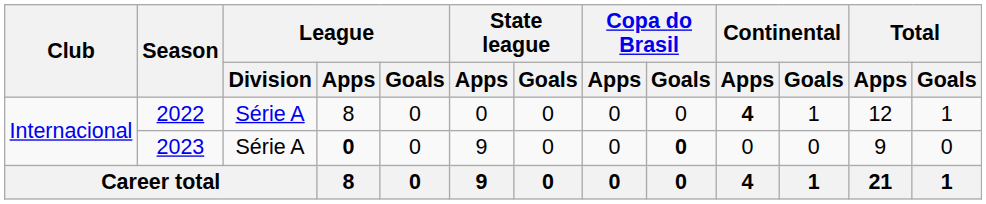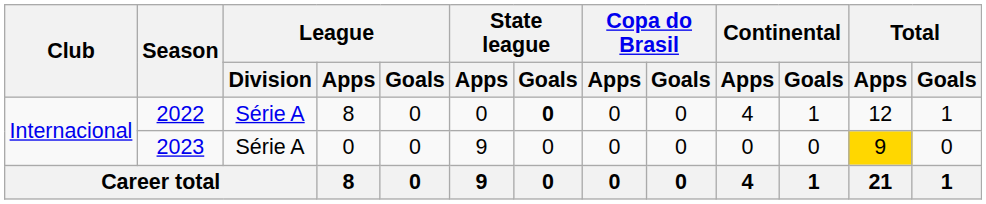 <table class="wikitable" style="text-align:center">
 <tr>
 <th rowspan="2">Club</th>
 <th rowspan="2">Season</th>
 <th colspan="3">League</th>
 <th colspan="2">State league</th>
 <th colspan="2"><a href='#'>Copa do Brasil</a></th>
 <th colspan="2">Continental</th>
 <th colspan="2">Total</th>
 </tr>
 <tr>
 <th>Division</th>
 <th>Apps</th>
 <th>Goals</th>
 <th>Apps</th>
 <th>Goals</th>
 <th>Apps</th>
 <th>Goals</th>
 <th>Apps</th>
 <th>Goals</th>
 <th>Apps</th>
 <th>Goals</th>
 </tr>
 <tr>
 <td rowspan="2"><a href='#'>Internacional</a></td>
 <td><a href='#'>2022</a></td>
 <td><a href='#'>Série A</a></td>
 <td>8</td>
 <td>0</td>
 <td>0</td>
+<td><strong>0</strong></td>
 <td>0</td>
 <td>0</td>
-<td>0</td>
-<td><strong>4</strong></td>
+<td>4</td>
 <td>1</td>
 <td>12</td>
 <td>1</td>
 </tr>
 <tr>
 <td><a href='#'>2023</a></td>
 <td>Série A</td>
-<td><strong>0</strong></td>
+<td>0</td>
 <td>0</td>
 <td>9</td>
 <td>0</td>
 <td>0</td>
-<td><strong>0</strong></td>
 <td>0</td>
 <td>0</td>
-<td>9</td>
+<td>0</td>
+<td style="background: gold;">9</td>
 <td>0</td>
 </tr>
 <tr>
 <th colspan="3">Career total</th>
 <th>8</th>
 <th>0</th>
 <th>9</th>
 <th>0</th>
 <th>0</th>
 <th>0</th>
 <th>4</th>
 <th>1</th>
 <th>21</th>
 <th>1</th>
 </tr>
 </table>
